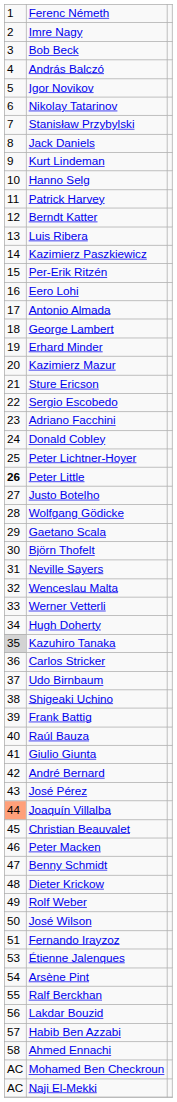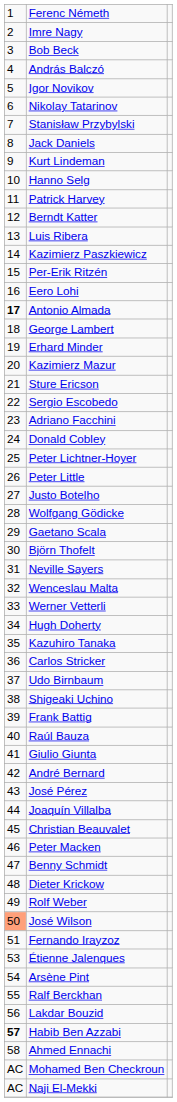 <table class="wikitable">
 <tr>
 <td>1</td>
 <td><a href='#'>Ferenc Németh</a></td>
 <td></td>
 </tr>
 <tr>
 <td>2</td>
 <td><a href='#'>Imre Nagy</a></td>
 <td></td>
 </tr>
 <tr>
 <td>3</td>
 <td><a href='#'>Bob Beck</a></td>
 <td></td>
 </tr>
 <tr>
 <td>4</td>
 <td><a href='#'>András Balczó</a></td>
 <td></td>
 </tr>
 <tr>
 <td>5</td>
 <td><a href='#'>Igor Novikov</a></td>
 <td></td>
 </tr>
 <tr>
 <td>6</td>
 <td><a href='#'>Nikolay Tatarinov</a></td>
 <td></td>
 </tr>
 <tr>
 <td>7</td>
 <td><a href='#'>Stanisław Przybylski</a></td>
 <td></td>
 </tr>
 <tr>
 <td>8</td>
 <td><a href='#'>Jack Daniels</a></td>
 <td></td>
 </tr>
 <tr>
 <td>9</td>
 <td><a href='#'>Kurt Lindeman</a></td>
 <td></td>
 </tr>
 <tr>
 <td>10</td>
 <td><a href='#'>Hanno Selg</a></td>
 <td></td>
 </tr>
 <tr>
 <td>11</td>
 <td><a href='#'>Patrick Harvey</a></td>
 <td></td>
 </tr>
 <tr>
 <td>12</td>
 <td><a href='#'>Berndt Katter</a></td>
 <td></td>
 </tr>
 <tr>
 <td>13</td>
 <td><a href='#'>Luis Ribera</a></td>
 <td></td>
 </tr>
 <tr>
 <td>14</td>
 <td><a href='#'>Kazimierz Paszkiewicz</a></td>
 <td></td>
 </tr>
 <tr>
 <td>15</td>
 <td><a href='#'>Per-Erik Ritzén</a></td>
 <td></td>
 </tr>
 <tr>
 <td>16</td>
 <td><a href='#'>Eero Lohi</a></td>
 <td></td>
 </tr>
 <tr>
-<td>17</td>
+<td><strong>17</strong></td>
 <td><a href='#'>Antonio Almada</a></td>
 <td></td>
 </tr>
 <tr>
 <td>18</td>
 <td><a href='#'>George Lambert</a></td>
 <td></td>
 </tr>
 <tr>
 <td>19</td>
 <td><a href='#'>Erhard Minder</a></td>
 <td></td>
 </tr>
 <tr>
 <td>20</td>
 <td><a href='#'>Kazimierz Mazur</a></td>
 <td></td>
 </tr>
 <tr>
 <td>21</td>
 <td><a href='#'>Sture Ericson</a></td>
 <td></td>
 </tr>
 <tr>
 <td>22</td>
 <td><a href='#'>Sergio Escobedo</a></td>
 <td></td>
 </tr>
 <tr>
 <td>23</td>
 <td><a href='#'>Adriano Facchini</a></td>
 <td></td>
 </tr>
 <tr>
 <td>24</td>
 <td><a href='#'>Donald Cobley</a></td>
 <td></td>
 </tr>
 <tr>
 <td>25</td>
 <td><a href='#'>Peter Lichtner-Hoyer</a></td>
 <td></td>
 </tr>
 <tr>
-<td><strong>26</strong></td>
+<td>26</td>
 <td><a href='#'>Peter Little</a></td>
 <td></td>
 </tr>
 <tr>
 <td>27</td>
 <td><a href='#'>Justo Botelho</a></td>
 <td></td>
 </tr>
 <tr>
 <td>28</td>
 <td><a href='#'>Wolfgang Gödicke</a></td>
 <td></td>
 </tr>
 <tr>
 <td>29</td>
 <td><a href='#'>Gaetano Scala</a></td>
 <td></td>
 </tr>
 <tr>
 <td>30</td>
 <td><a href='#'>Björn Thofelt</a></td>
 <td></td>
 </tr>
 <tr>
 <td>31</td>
 <td><a href='#'>Neville Sayers</a></td>
 <td></td>
 </tr>
 <tr>
 <td>32</td>
 <td><a href='#'>Wenceslau Malta</a></td>
 <td></td>
 </tr>
 <tr>
 <td>33</td>
 <td><a href='#'>Werner Vetterli</a></td>
 <td></td>
 </tr>
 <tr>
 <td>34</td>
 <td><a href='#'>Hugh Doherty</a></td>
 <td></td>
 </tr>
 <tr>
-<td style="background: lightgrey;">35</td>
+<td>35</td>
 <td><a href='#'>Kazuhiro Tanaka</a></td>
 <td></td>
 </tr>
 <tr>
 <td>36</td>
 <td><a href='#'>Carlos Stricker</a></td>
 <td></td>
 </tr>
 <tr>
 <td>37</td>
 <td><a href='#'>Udo Birnbaum</a></td>
 <td></td>
 </tr>
 <tr>
 <td>38</td>
 <td><a href='#'>Shigeaki Uchino</a></td>
 <td></td>
 </tr>
 <tr>
 <td>39</td>
 <td><a href='#'>Frank Battig</a></td>
 <td></td>
 </tr>
 <tr>
 <td>40</td>
 <td><a href='#'>Raúl Bauza</a></td>
 <td></td>
 </tr>
 <tr>
 <td>41</td>
 <td><a href='#'>Giulio Giunta</a></td>
 <td></td>
 </tr>
 <tr>
 <td>42</td>
 <td><a href='#'>André Bernard</a></td>
 <td></td>
 </tr>
 <tr>
 <td>43</td>
 <td><a href='#'>José Pérez</a></td>
 <td></td>
 </tr>
 <tr>
-<td style="background: lightsalmon;">44</td>
+<td>44</td>
 <td><a href='#'>Joaquín Villalba</a></td>
 <td></td>
 </tr>
 <tr>
 <td>45</td>
 <td><a href='#'>Christian Beauvalet</a></td>
 <td></td>
 </tr>
 <tr>
 <td>46</td>
 <td><a href='#'>Peter Macken</a></td>
 <td></td>
 </tr>
 <tr>
 <td>47</td>
 <td><a href='#'>Benny Schmidt</a></td>
 <td></td>
 </tr>
 <tr>
 <td>48</td>
 <td><a href='#'>Dieter Krickow</a></td>
 <td></td>
 </tr>
 <tr>
 <td>49</td>
 <td><a href='#'>Rolf Weber</a></td>
 <td></td>
 </tr>
 <tr>
-<td>50</td>
+<td style="background: lightsalmon;">50</td>
 <td><a href='#'>José Wilson</a></td>
 <td></td>
 </tr>
 <tr>
 <td>51</td>
 <td><a href='#'>Fernando Irayzoz</a></td>
 <td></td>
 </tr>
 <tr>
 <td>53</td>
 <td><a href='#'>Étienne Jalenques</a></td>
 <td></td>
 </tr>
 <tr>
 <td>54</td>
 <td><a href='#'>Arsène Pint</a></td>
 <td></td>
 </tr>
 <tr>
 <td>55</td>
 <td><a href='#'>Ralf Berckhan</a></td>
 <td></td>
 </tr>
 <tr>
 <td>56</td>
 <td><a href='#'>Lakdar Bouzid</a></td>
 <td></td>
 </tr>
 <tr>
-<td>57</td>
+<td><strong>57</strong></td>
 <td><a href='#'>Habib Ben Azzabi</a></td>
 <td></td>
 </tr>
 <tr>
 <td>58</td>
 <td><a href='#'>Ahmed Ennachi</a></td>
 <td></td>
 </tr>
 <tr>
 <td>AC</td>
 <td><a href='#'>Mohamed Ben Checkroun</a></td>
 <td></td>
 </tr>
 <tr>
 <td>AC</td>
 <td><a href='#'>Naji El-Mekki</a></td>
 <td></td>
 </tr>
 <tr>
 </tr>
 </table>
